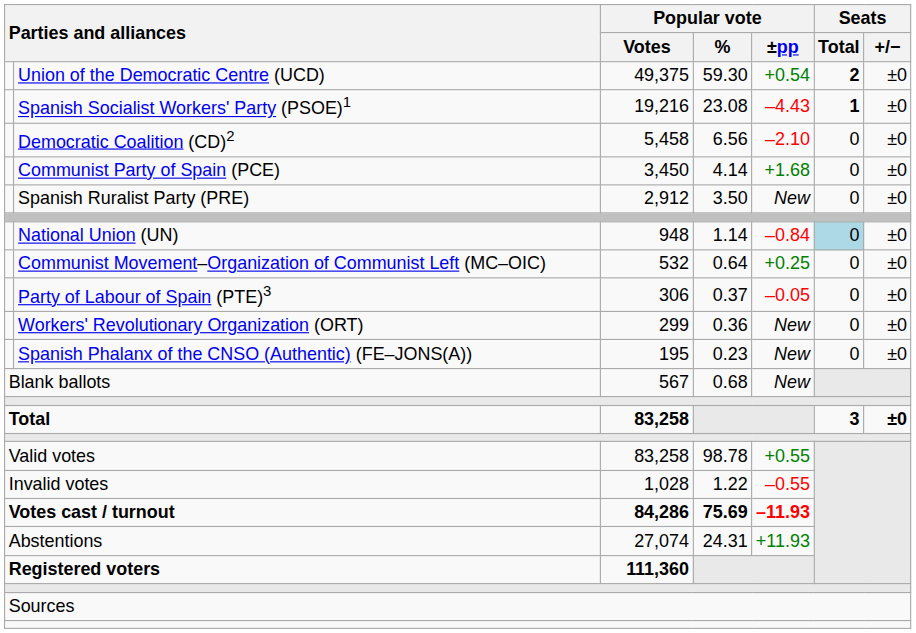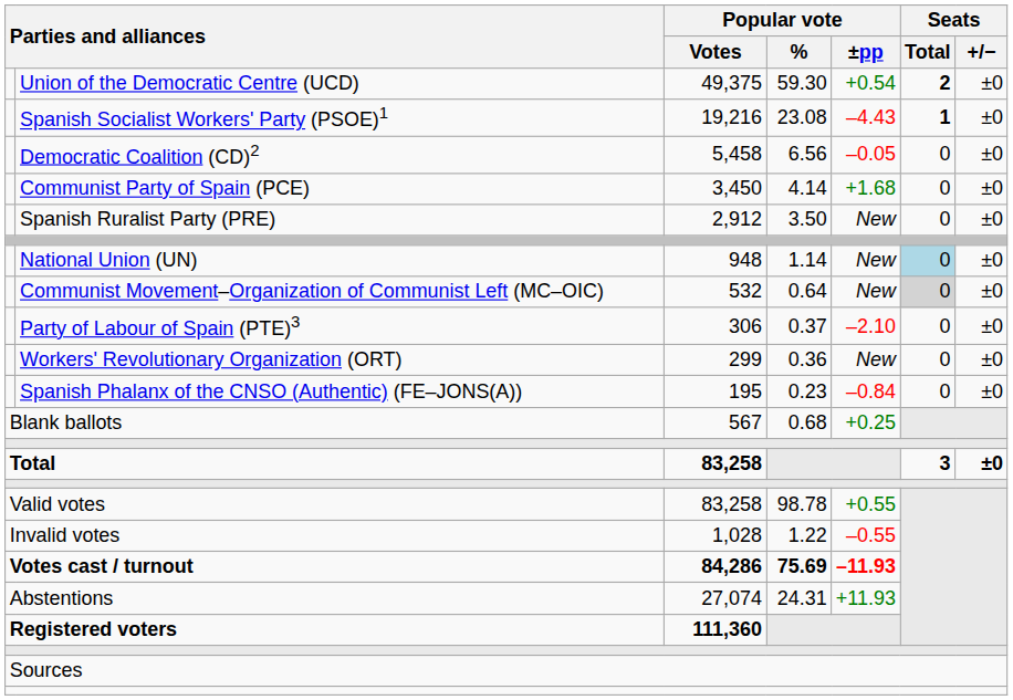 <table class="wikitable" style="text-align:right;">
 <tr>
 <th style="text-align:left;" rowspan="2" colspan="2" width="525">Parties and alliances</th>
 <th colspan="3">Popular vote</th>
 <th colspan="2">Seats</th>
 </tr>
 <tr>
 <th width="75">Votes</th>
 <th width="45">%</th>
 <th width="45">±<a href='#'>pp</a></th>
 <th width="35">Total</th>
 <th width="35">+/−</th>
 </tr>
 <tr>
 <td width="1" style="color:inherit;background:"></td>
 <td align="left"><a href='#'>Union of the Democratic Centre</a> (UCD)</td>
 <td>49,375</td>
 <td>59.30</td>
 <td style="color:green;">+0.54</td>
 <td><strong>2</strong></td>
 <td>±0</td>
 </tr>
 <tr>
 <td style="color:inherit;background:"></td>
 <td align="left"><a href='#'>Spanish Socialist Workers' Party</a> (PSOE)<sup>1</sup></td>
 <td>19,216</td>
 <td>23.08</td>
 <td style="color:red;">–4.43</td>
 <td><strong>1</strong></td>
 <td>±0</td>
 </tr>
 <tr>
 <td style="color:inherit;background:"></td>
 <td align="left"><a href='#'>Democratic Coalition</a> (CD)<sup>2</sup></td>
 <td>5,458</td>
 <td>6.56</td>
-<td style="color:red;">–2.10</td>
+<td style="color:red;">–0.05</td>
 <td>0</td>
 <td>±0</td>
 </tr>
 <tr>
 <td style="color:inherit;background:"></td>
 <td align="left"><a href='#'>Communist Party of Spain</a> (PCE)</td>
 <td>3,450</td>
 <td>4.14</td>
 <td style="color:green;">+1.68</td>
 <td>0</td>
 <td>±0</td>
 </tr>
 <tr>
 <td style="color:inherit;background:"></td>
 <td align="left">Spanish Ruralist Party (PRE)</td>
 <td>2,912</td>
 <td>3.50</td>
 <td><em>New</em></td>
 <td>0</td>
 <td>±0</td>
 </tr>
 <tr>
 <td colspan="7" bgcolor="#C0C0C0"></td>
 </tr>
 <tr>
 <td style="color:inherit;background:"></td>
 <td align="left"><a href='#'>National Union</a> (UN)</td>
 <td>948</td>
 <td>1.14</td>
-<td style="color:red;">–0.84</td>
+<td><em>New</em></td>
 <td style="background: lightblue;">0</td>
 <td>±0</td>
 </tr>
 <tr>
 <td style="color:inherit;background:"></td>
 <td align="left"><a href='#'>Communist Movement</a>–<a href='#'>Organization of Communist Left</a> (MC–OIC)</td>
 <td>532</td>
 <td>0.64</td>
-<td style="color:green;">+0.25</td>
-<td>0</td>
+<td><em>New</em></td>
+<td style="background: lightgrey;">0</td>
 <td>±0</td>
 </tr>
 <tr>
 <td style="color:inherit;background:"></td>
 <td align="left"><a href='#'>Party of Labour of Spain</a> (PTE)<sup>3</sup></td>
 <td>306</td>
 <td>0.37</td>
-<td style="color:red;">–0.05</td>
+<td style="color:red;">–2.10</td>
 <td>0</td>
 <td>±0</td>
 </tr>
 <tr>
 <td style="color:inherit;background:"></td>
 <td align="left"><a href='#'>Workers' Revolutionary Organization</a> (ORT)</td>
 <td>299</td>
 <td>0.36</td>
 <td><em>New</em></td>
 <td>0</td>
 <td>±0</td>
 </tr>
 <tr>
 <td style="color:inherit;background:"></td>
 <td align="left"><a href='#'>Spanish Phalanx of the CNSO (Authentic)</a> (FE–JONS(A))</td>
 <td>195</td>
 <td>0.23</td>
-<td><em>New</em></td>
+<td style="color:red;">–0.84</td>
 <td>0</td>
 <td>±0</td>
 </tr>
 <tr>
 <td align="left" colspan="2">Blank ballots</td>
 <td>567</td>
 <td>0.68</td>
-<td><em>New</em></td>
+<td style="color:green;">+0.25</td>
 <td bgcolor="#E9E9E9" colspan="2"></td>
 </tr>
 <tr>
 <td colspan="7" bgcolor="#E9E9E9"></td>
 </tr>
 <tr style="font-weight:bold;">
 <td align="left" colspan="2">Total</td>
 <td>83,258</td>
 <td bgcolor="#E9E9E9" colspan="2"></td>
 <td>3</td>
 <td>±0</td>
 </tr>
 <tr>
 <td colspan="7" bgcolor="#E9E9E9"></td>
 </tr>
 <tr>
 <td align="left" colspan="2">Valid votes</td>
 <td>83,258</td>
 <td>98.78</td>
 <td style="color:green;">+0.55</td>
 <td bgcolor="#E9E9E9" colspan="2" rowspan="5"></td>
 </tr>
 <tr>
 <td align="left" colspan="2">Invalid votes</td>
 <td>1,028</td>
 <td>1.22</td>
 <td style="color:red;">–0.55</td>
 </tr>
 <tr style="font-weight:bold;">
 <td align="left" colspan="2">Votes cast / turnout</td>
 <td>84,286</td>
 <td>75.69</td>
 <td style="color:red;">–11.93</td>
 </tr>
 <tr>
 <td align="left" colspan="2">Abstentions</td>
 <td>27,074</td>
 <td>24.31</td>
 <td style="color:green;">+11.93</td>
 </tr>
 <tr style="font-weight:bold;">
 <td align="left" colspan="2">Registered voters</td>
 <td>111,360</td>
 <td bgcolor="#E9E9E9" colspan="2"></td>
 </tr>
 <tr>
 <td colspan="7" bgcolor="#E9E9E9"></td>
 </tr>
 <tr>
 <td align="left" colspan="7">Sources</td>
 </tr>
 <tr>
 <td colspan="7" style="text-align:left; max-width:790px;"></td>
 </tr>
 </table>
